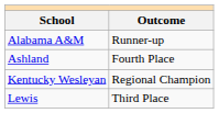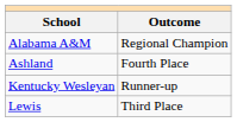 <table class="wikitable" style="float:left; margin-right:1em;">
 <tr>
 <th colspan="3" style="background:#ffdead;"></th>
 </tr>
 <tr>
 <th>School</th>
 <th>Outcome</th>
 </tr>
 <tr>
 <td><a href='#'>Alabama A&M</a></td>
-<td>Runner-up</td>
+<td>Regional Champion</td>
 </tr>
 <tr>
 <td><a href='#'>Ashland</a></td>
 <td>Fourth Place</td>
 </tr>
 <tr>
 <td><a href='#'>Kentucky Wesleyan</a></td>
-<td>Regional Champion</td>
+<td>Runner-up</td>
 </tr>
 <tr>
 <td><a href='#'>Lewis</a></td>
 <td>Third Place</td>
 </tr>
 </table>
